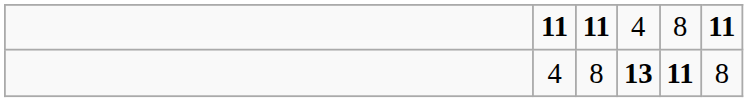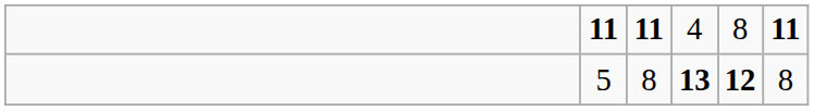 <table class="wikitable">
 <tr>
 <td style="width:18em"></td>
 <td align=center style="width:1em"><strong>11</strong></td>
 <td align=center style="width:1em"><strong>11</strong></td>
 <td align=center style="width:1em">4</td>
 <td align=center style="width:1em">8</td>
 <td align=center style="width:1em"><strong>11</strong></td>
 </tr>
 <tr>
 <td style="width:15em"></td>
-<td align=center style="width:1em">4</td>
+<td align=center style="width:1em">5</td>
 <td align=center style="width:1em">8</td>
 <td align=center style="width:1em"><strong>13</strong></td>
-<td align=center style="width:1em"><strong>11</strong></td>
+<td align=center style="width:1em"><strong>12</strong></td>
 <td align=center style="width:1em">8</td>
 </tr>
 </table>
